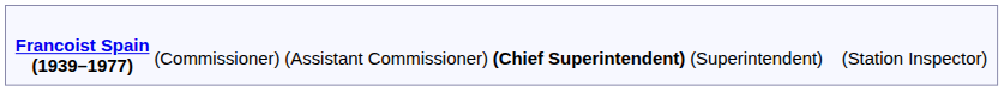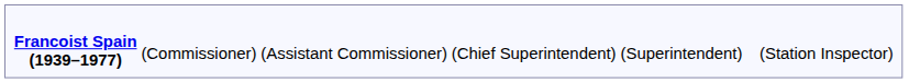 <table style="border:1px solid #8888aa; background-color:#f7f8ff; padding:5px; font-size:95%; margin: 0px 12px 12px 0px;">
 <tr>
 <td align="center" rowspan=2><strong> <br><a href='#'>Francoist Spain</a></strong><br><strong>(1939–1977)</strong></td>
 <td align="center" colspan=1></td>
 <td align="center" colspan=1></td>
 <td align="center" colspan=1></td>
 <td align="center" colspan=1></td>
 <td align="center" colspan=1></td>
 <td align="center" colspan=1></td>
 <td align="center" colspan=1></td>
 <td align="center" colspan=1></td>
 </tr>
 <tr rowspan="2">
 <td align="center" colspan=1><br> (Commissioner)</td>
 <td align="center" colspan=1><br> (Assistant Commissioner)</td>
-<td align="center" colspan=1><strong><br> (Chief Superintendent)</strong></td>
+<td align="center" colspan=1><br> (Chief Superintendent)</td>
 <td align="center" colspan=1><br> (Superintendent)</td>
 <td align="center" colspan=1></td>
 <td align="center" colspan=1></td>
 <td align="center" colspan=1></td>
 <td align="center" colspan=1><br> (Station Inspector)</td>
 </tr>
 </table>
